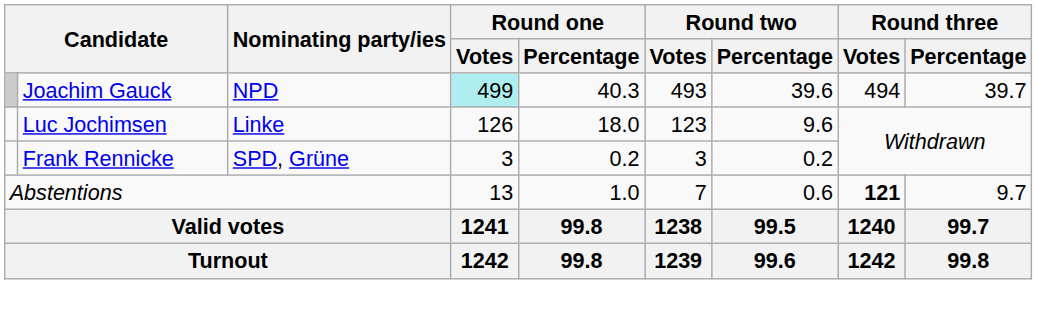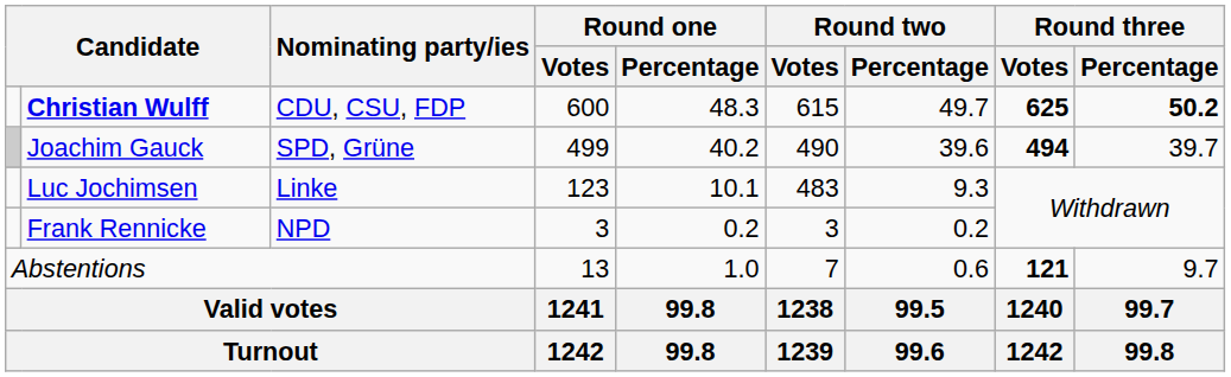 <table class="wikitable" style="font-size:95%;">
 <tr>
 <th rowspan="2" style="width:150px;" colspan="2">Candidate</th>
 <th rowspan="2">Nominating party/ies</th>
 <th colspan="2">Round one</th>
 <th colspan="2">Round two</th>
 <th colspan="2">Round three</th>
 </tr>
 <tr style="background:#e9e9e9;">
 <th>Votes</th>
 <th>Percentage</th>
 <th>Votes</th>
 <th>Percentage</th>
 <th>Votes</th>
 <th>Percentage</th>
 </tr>
 <tr style="text-align:right;">
+<td></td>
+<td style="text-align:left;"><strong><a href='#'>Christian Wulff</a></strong></td>
+<td align="left"><a href='#'>CDU</a>, <a href='#'>CSU</a>, <a href='#'>FDP</a></td>
+<td>600</td>
+<td>48.3</td>
+<td>615</td>
+<td>49.7</td>
+<td><strong>625</strong></td>
+<td><strong>50.2</strong></td>
+</tr>
+<tr style="text-align:right;">
 <td bgcolor=#CCCCCC></td>
 <td style="text-align:left;"><a href='#'>Joachim Gauck</a></td>
-<td align="left"><a href='#'>NPD</a></td>
-<td style="background: paleturquoise;">499</td>
-<td>40.3</td>
-<td>493</td>
+<td align="left"><a href='#'>SPD</a>, <a href='#'>Grüne</a></td>
+<td>499</td>
+<td>40.2</td>
+<td>490</td>
 <td>39.6</td>
-<td>494</td>
+<td><strong>494</strong></td>
 <td>39.7</td>
 </tr>
 <tr style="text-align:right;">
 <td></td>
 <td style="text-align:left;"><a href='#'>Luc Jochimsen</a></td>
 <td align="left"><a href='#'>Linke</a></td>
-<td>126</td>
-<td>18.0</td>
 <td>123</td>
-<td>9.6</td>
+<td>10.1</td>
+<td>483</td>
+<td>9.3</td>
 <td colspan="2" rowspan="2" style="text-align:center;"><em>Withdrawn</em></td>
 </tr>
 <tr style="text-align:right;">
 <td></td>
 <td align="left"><a href='#'>Frank Rennicke</a></td>
-<td align="left"><a href='#'>SPD</a>, <a href='#'>Grüne</a></td>
+<td align="left"><a href='#'>NPD</a></td>
 <td>3</td>
 <td>0.2</td>
 <td>3</td>
 <td>0.2</td>
 </tr>
 <tr style="text-align:right;">
 <td colspan="3" style="text-align:left;"><em>Abstentions</em></td>
 <td>13</td>
 <td>1.0</td>
 <td>7</td>
 <td>0.6</td>
 <td><strong>121</strong></td>
 <td>9.7</td>
 </tr>
 <tr style="background:#e9e9e9;">
 <th colspan="3">Valid votes</th>
 <th>1241</th>
 <th>99.8</th>
 <th>1238</th>
 <th>99.5</th>
 <th>1240</th>
 <th>99.7</th>
 </tr>
 <tr style="background:#e9e9e9;">
 <th colspan="3">Turnout</th>
 <th>1242</th>
 <th>99.8</th>
 <th>1239</th>
 <th>99.6</th>
 <th>1242</th>
 <th>99.8</th>
 </tr>
 </table>
